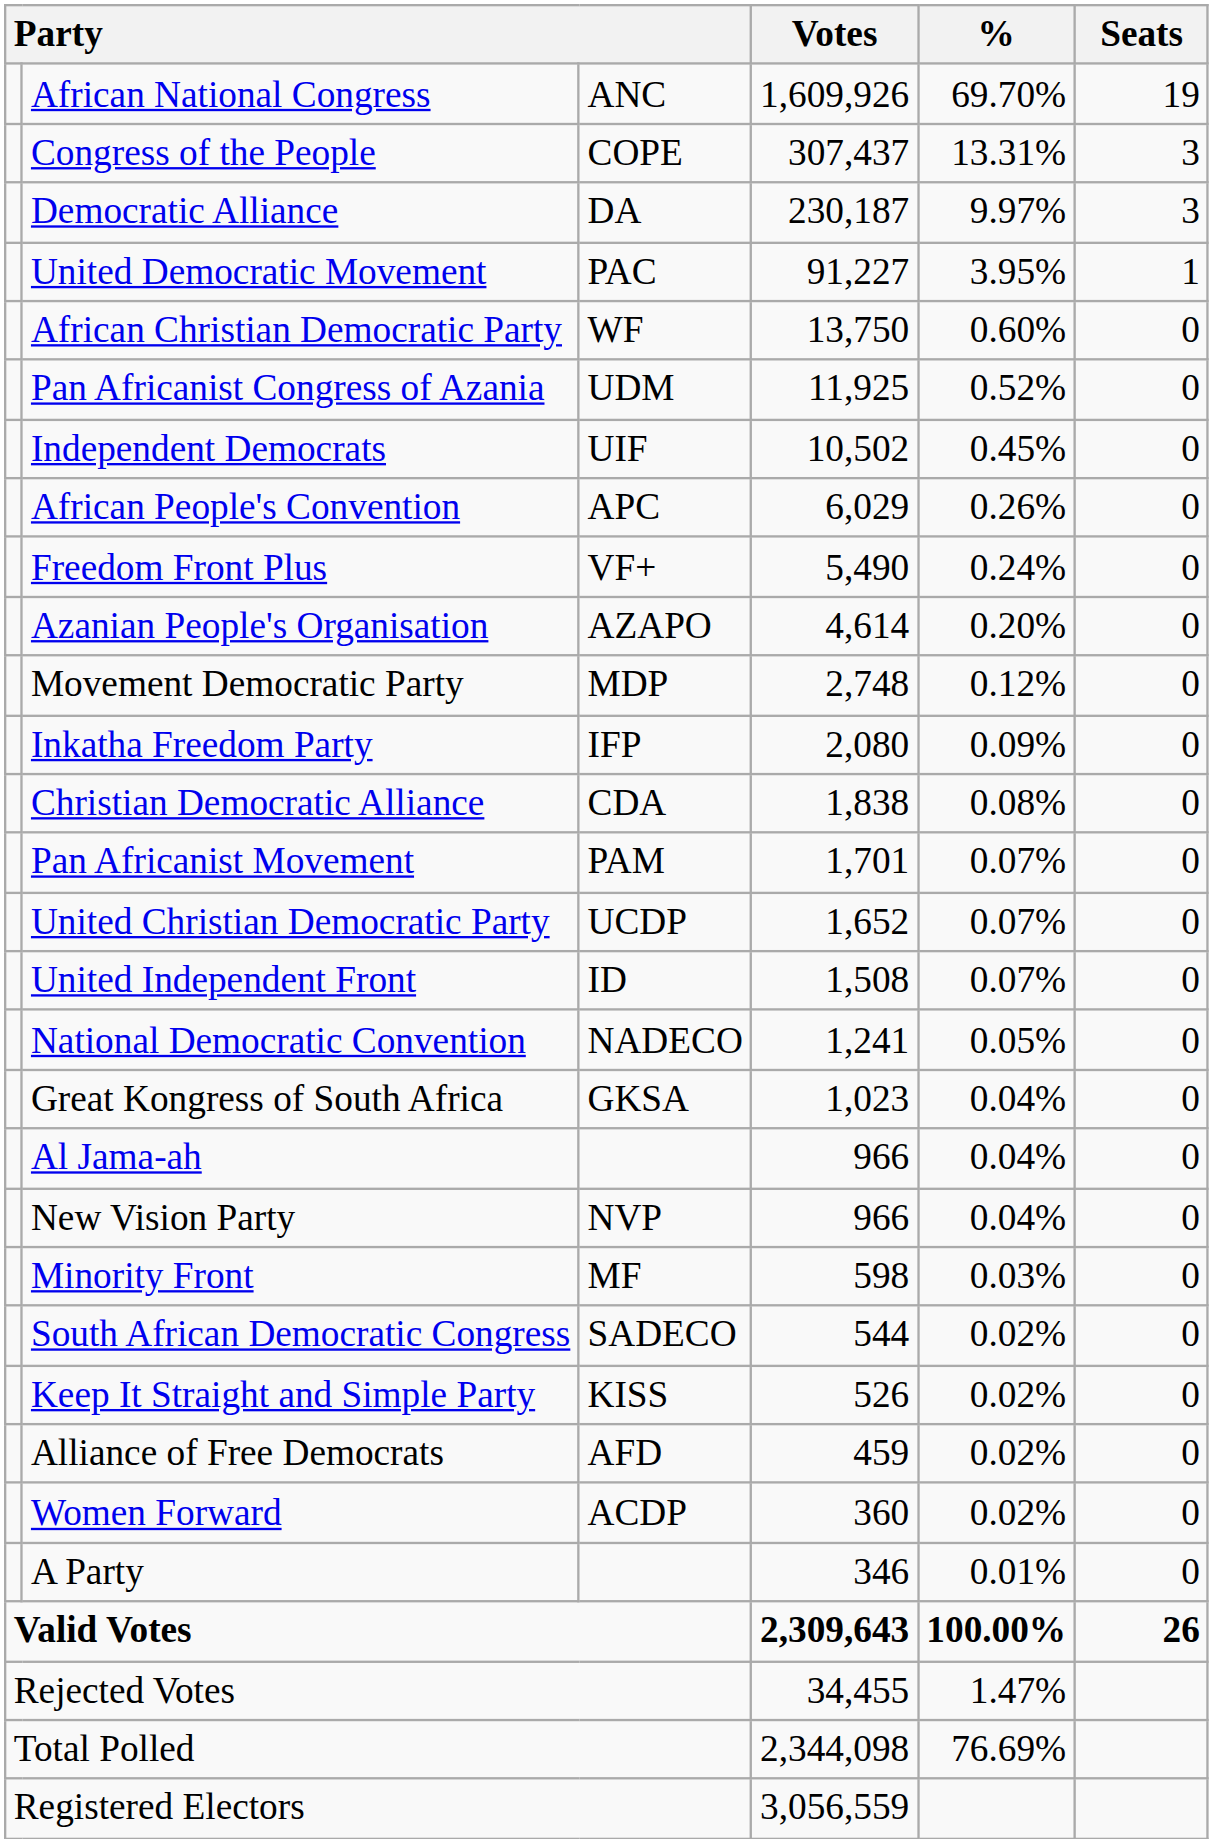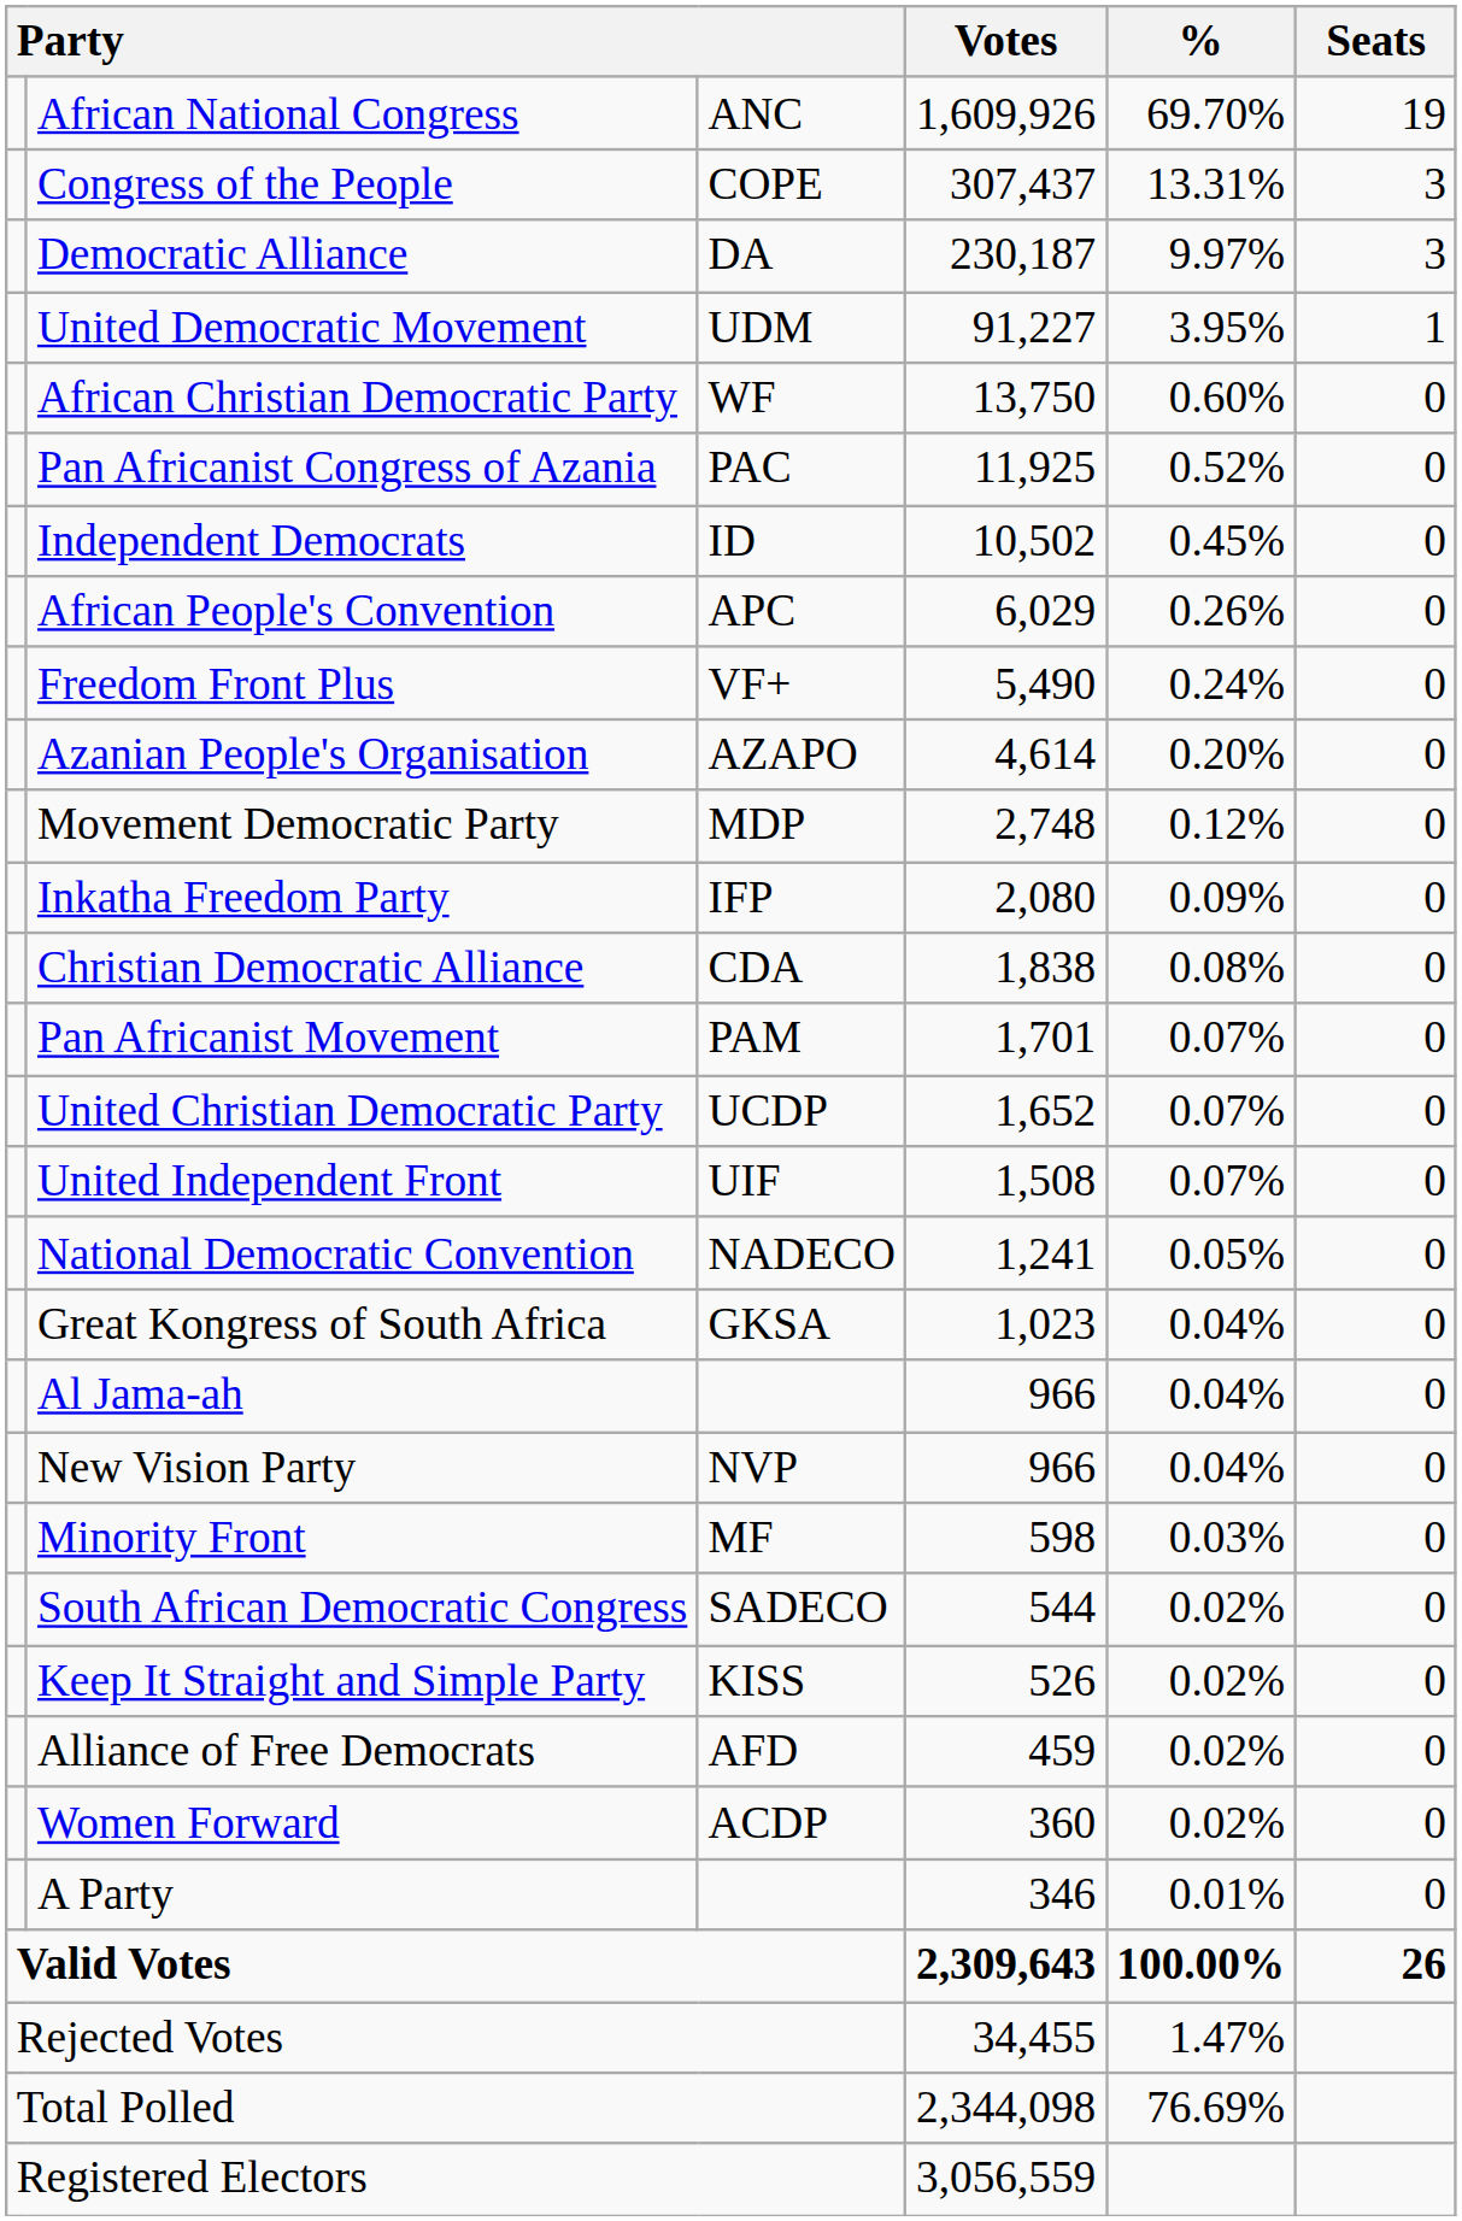 <table class="wikitable" border="1" style="text-align:right;">
 <tr>
 <th style="text-align:left;" colspan=3>Party</th>
 <th align=center width="50">Votes</th>
 <th align=center width="50">%</th>
 <th align=center width="50">Seats</th>
 </tr>
 <tr>
 <td style="background:"></td>
 <td align=left><a href='#'>African National Congress</a></td>
 <td align=left>ANC</td>
 <td>1,609,926</td>
 <td>69.70%</td>
 <td>19</td>
 </tr>
 <tr>
 <td style="background:"></td>
 <td align=left><a href='#'>Congress of the People</a></td>
 <td align=left>COPE</td>
 <td>307,437</td>
 <td>13.31%</td>
 <td>3</td>
 </tr>
 <tr>
 <td style="background:"></td>
 <td align=left><a href='#'>Democratic Alliance</a></td>
 <td align=left>DA</td>
 <td>230,187</td>
 <td>9.97%</td>
 <td>3</td>
 </tr>
 <tr>
 <td style="background:"></td>
 <td align=left><a href='#'>United Democratic Movement</a></td>
-<td align=left>PAC</td>
+<td align=left>UDM</td>
 <td>91,227</td>
 <td>3.95%</td>
 <td>1</td>
 </tr>
 <tr>
 <td style="background:"></td>
 <td align=left><a href='#'>African Christian Democratic Party</a></td>
 <td align=left>WF</td>
 <td>13,750</td>
 <td>0.60%</td>
 <td>0</td>
 </tr>
 <tr>
 <td style="background:"></td>
 <td align=left><a href='#'>Pan Africanist Congress of Azania</a></td>
-<td align=left>UDM</td>
+<td align=left>PAC</td>
 <td>11,925</td>
 <td>0.52%</td>
 <td>0</td>
 </tr>
 <tr>
 <td style="background:"></td>
 <td align=left><a href='#'>Independent Democrats</a></td>
-<td align=left>UIF</td>
+<td align=left>ID</td>
 <td>10,502</td>
 <td>0.45%</td>
 <td>0</td>
 </tr>
 <tr>
 <td style="background:"></td>
 <td align=left><a href='#'>African People's Convention</a></td>
 <td align=left>APC</td>
 <td>6,029</td>
 <td>0.26%</td>
 <td>0</td>
 </tr>
 <tr>
 <td style="background:"></td>
 <td align=left><a href='#'>Freedom Front Plus</a></td>
 <td align=left>VF+</td>
 <td>5,490</td>
 <td>0.24%</td>
 <td>0</td>
 </tr>
 <tr>
 <td style="background:"></td>
 <td align=left><a href='#'>Azanian People's Organisation</a></td>
 <td align=left>AZAPO</td>
 <td>4,614</td>
 <td>0.20%</td>
 <td>0</td>
 </tr>
 <tr>
 <td></td>
 <td align=left>Movement Democratic Party</td>
 <td align=left>MDP</td>
 <td>2,748</td>
 <td>0.12%</td>
 <td>0</td>
 </tr>
 <tr>
 <td style="background:"></td>
 <td align=left><a href='#'>Inkatha Freedom Party</a></td>
 <td align=left>IFP</td>
 <td>2,080</td>
 <td>0.09%</td>
 <td>0</td>
 </tr>
 <tr>
 <td style="background:"></td>
 <td align=left><a href='#'>Christian Democratic Alliance</a></td>
 <td align=left>CDA</td>
 <td>1,838</td>
 <td>0.08%</td>
 <td>0</td>
 </tr>
 <tr>
 <td style="background:"></td>
 <td align=left><a href='#'>Pan Africanist Movement</a></td>
 <td align=left>PAM</td>
 <td>1,701</td>
 <td>0.07%</td>
 <td>0</td>
 </tr>
 <tr>
 <td style="background:"></td>
 <td align=left><a href='#'>United Christian Democratic Party</a></td>
 <td align=left>UCDP</td>
 <td>1,652</td>
 <td>0.07%</td>
 <td>0</td>
 </tr>
 <tr>
 <td style="background:"></td>
 <td align=left><a href='#'>United Independent Front</a></td>
-<td align=left>ID</td>
+<td align=left>UIF</td>
 <td>1,508</td>
 <td>0.07%</td>
 <td>0</td>
 </tr>
 <tr>
 <td style="background:"></td>
 <td align=left><a href='#'>National Democratic Convention</a></td>
 <td align=left>NADECO</td>
 <td>1,241</td>
 <td>0.05%</td>
 <td>0</td>
 </tr>
 <tr>
 <td></td>
 <td align=left>Great Kongress of South Africa</td>
 <td align=left>GKSA</td>
 <td>1,023</td>
 <td>0.04%</td>
 <td>0</td>
 </tr>
 <tr>
 <td style="background:"></td>
 <td align=left><a href='#'>Al Jama-ah</a></td>
 <td align=left></td>
 <td>966</td>
 <td>0.04%</td>
 <td>0</td>
 </tr>
 <tr>
 <td></td>
 <td align=left>New Vision Party</td>
 <td align=left>NVP</td>
 <td>966</td>
 <td>0.04%</td>
 <td>0</td>
 </tr>
 <tr>
 <td style="background:"></td>
 <td align=left><a href='#'>Minority Front</a></td>
 <td align=left>MF</td>
 <td>598</td>
 <td>0.03%</td>
 <td>0</td>
 </tr>
 <tr>
 <td></td>
 <td align=left><a href='#'>South African Democratic Congress</a></td>
 <td align=left>SADECO</td>
 <td>544</td>
 <td>0.02%</td>
 <td>0</td>
 </tr>
 <tr>
 <td style="background:"></td>
 <td align=left><a href='#'>Keep It Straight and Simple Party</a></td>
 <td align=left>KISS</td>
 <td>526</td>
 <td>0.02%</td>
 <td>0</td>
 </tr>
 <tr>
 <td></td>
 <td align=left>Alliance of Free Democrats</td>
 <td align=left>AFD</td>
 <td>459</td>
 <td>0.02%</td>
 <td>0</td>
 </tr>
 <tr>
 <td style="background:"></td>
 <td align=left><a href='#'>Women Forward</a></td>
 <td align=left>ACDP</td>
 <td>360</td>
 <td>0.02%</td>
 <td>0</td>
 </tr>
 <tr>
 <td></td>
 <td align=left>A Party</td>
 <td align=left></td>
 <td>346</td>
 <td>0.01%</td>
 <td>0</td>
 </tr>
 <tr style="font-weight:bold">
 <td align=left colspan=3>Valid Votes</td>
 <td>2,309,643</td>
 <td>100.00%</td>
 <td>26</td>
 </tr>
 <tr>
 <td align=left colspan=3>Rejected Votes</td>
 <td>34,455</td>
 <td>1.47%</td>
 <td></td>
 </tr>
 <tr>
 <td align=left colspan=3>Total Polled</td>
 <td>2,344,098</td>
 <td>76.69%</td>
 <td></td>
 </tr>
 <tr>
 <td align=left colspan=3>Registered Electors</td>
 <td>3,056,559</td>
 <td></td>
 <td></td>
 </tr>
 </table>
